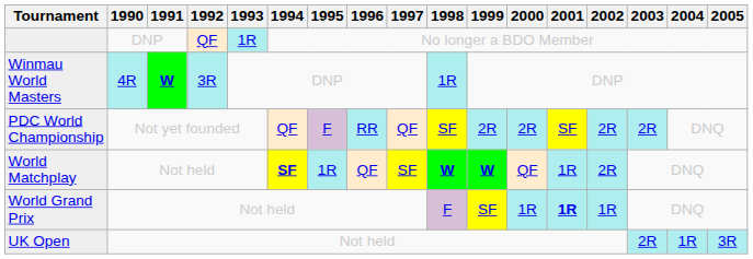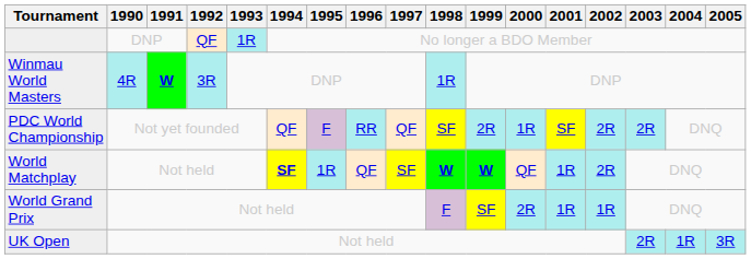 <table class="wikitable" style="width:50%; margin:0">
 <tr>
 <th>Tournament</th>
 <th>1990</th>
 <th>1991</th>
 <th>1992</th>
 <th>1993</th>
 <th>1994</th>
 <th>1995</th>
 <th>1996</th>
 <th>1997</th>
 <th>1998</th>
 <th>1999</th>
 <th>2000</th>
 <th>2001</th>
 <th>2002</th>
 <th>2003</th>
 <th>2004</th>
 <th>2005</th>
 </tr>
 <tr>
 <td style="background:#efefef;"></td>
 <td colspan="2" style="text-align:center; color:#ccc;">DNP</td>
 <td style="text-align:center; background:#ffebcd;"><a href='#'>QF</a></td>
 <td style="text-align:center; background:#afeeee;"><a href='#'>1R</a></td>
 <td colspan="12" style="text-align:center; color:#ccc;">No longer a BDO Member</td>
 </tr>
 <tr>
 <td style="background:#efefef;"><a href='#'>Winmau World Masters</a></td>
 <td style="text-align:center; background:#afeeee;"><a href='#'>4R</a></td>
 <td style="text-align:center; background:lime;"><strong><a href='#'>W</a></strong></td>
 <td style="text-align:center; background:#afeeee;"><a href='#'>3R</a></td>
 <td colspan="5" style="text-align:center; color:#ccc;">DNP</td>
 <td style="text-align:center; background:#afeeee;"><a href='#'>1R</a></td>
 <td colspan="7" style="text-align:center; color:#ccc;">DNP</td>
 </tr>
 <tr>
 <td style="background:#efefef;"><a href='#'>PDC World Championship</a></td>
 <td colspan="4" style="text-align:center; color:#ccc;">Not yet founded</td>
 <td style="text-align:center; background:#ffebcd;"><a href='#'>QF</a></td>
 <td style="text-align:center; background:thistle;"><a href='#'>F</a></td>
 <td style="text-align:center; background:#afeeee;"><a href='#'>RR</a></td>
 <td style="text-align:center; background:#ffebcd;"><a href='#'>QF</a></td>
 <td style="text-align:center; background:yellow;"><a href='#'>SF</a></td>
 <td style="text-align:center; background:#afeeee;"><a href='#'>2R</a></td>
-<td style="text-align:center; background:#afeeee;"><a href='#'>2R</a></td>
+<td style="text-align:center; background:#afeeee;"><a href='#'>1R</a></td>
 <td style="text-align:center; background:yellow;"><a href='#'>SF</a></td>
 <td style="text-align:center; background:#afeeee;"><a href='#'>2R</a></td>
 <td style="text-align:center; background:#afeeee;"><a href='#'>2R</a></td>
 <td colspan="2" style="text-align:center; color:#ccc;">DNQ</td>
 </tr>
 <tr>
 <td style="background:#efefef;"><a href='#'>World Matchplay</a></td>
 <td colspan="4" style="text-align:center; color:#ccc;">Not held</td>
 <td style="text-align:center; background:yellow;"><strong><a href='#'>SF</a></strong></td>
 <td style="text-align:center; background:#afeeee;"><a href='#'>1R</a></td>
 <td style="text-align:center; background:#ffebcd;"><a href='#'>QF</a></td>
 <td style="text-align:center; background:yellow;"><a href='#'>SF</a></td>
 <td style="text-align:center; background:lime;"><strong><a href='#'>W</a></strong></td>
 <td style="text-align:center; background:lime;"><strong><a href='#'>W</a></strong></td>
 <td style="text-align:center; background:#ffebcd;"><a href='#'>QF</a></td>
 <td style="text-align:center; background:#afeeee;"><a href='#'>1R</a></td>
 <td style="text-align:center; background:#afeeee;"><a href='#'>2R</a></td>
 <td colspan="3" style="text-align:center; color:#ccc;">DNQ</td>
 </tr>
 <tr>
 <td style="background:#efefef;"><a href='#'>World Grand Prix</a></td>
 <td colspan="8" style="text-align:center; color:#ccc;">Not held</td>
 <td style="text-align:center; background:thistle;"><a href='#'>F</a></td>
 <td style="text-align:center; background:yellow;"><a href='#'>SF</a></td>
+<td style="text-align:center; background:#afeeee;"><a href='#'>2R</a></td>
 <td style="text-align:center; background:#afeeee;"><a href='#'>1R</a></td>
-<td style="text-align:center; background:#afeeee;"><strong><a href='#'>1R</a></strong></td>
 <td style="text-align:center; background:#afeeee;"><a href='#'>1R</a></td>
 <td colspan="3" style="text-align:center; color:#ccc;">DNQ</td>
 </tr>
 <tr>
 <td style="background:#efefef;"><a href='#'>UK Open</a></td>
 <td colspan="13" style="text-align:center; color:#ccc;">Not held</td>
 <td style="text-align:center; background:#afeeee;"><a href='#'>2R</a></td>
 <td style="text-align:center; background:#afeeee;"><a href='#'>1R</a></td>
 <td style="text-align:center; background:#afeeee;"><a href='#'>3R</a></td>
 </tr>
 </table>
